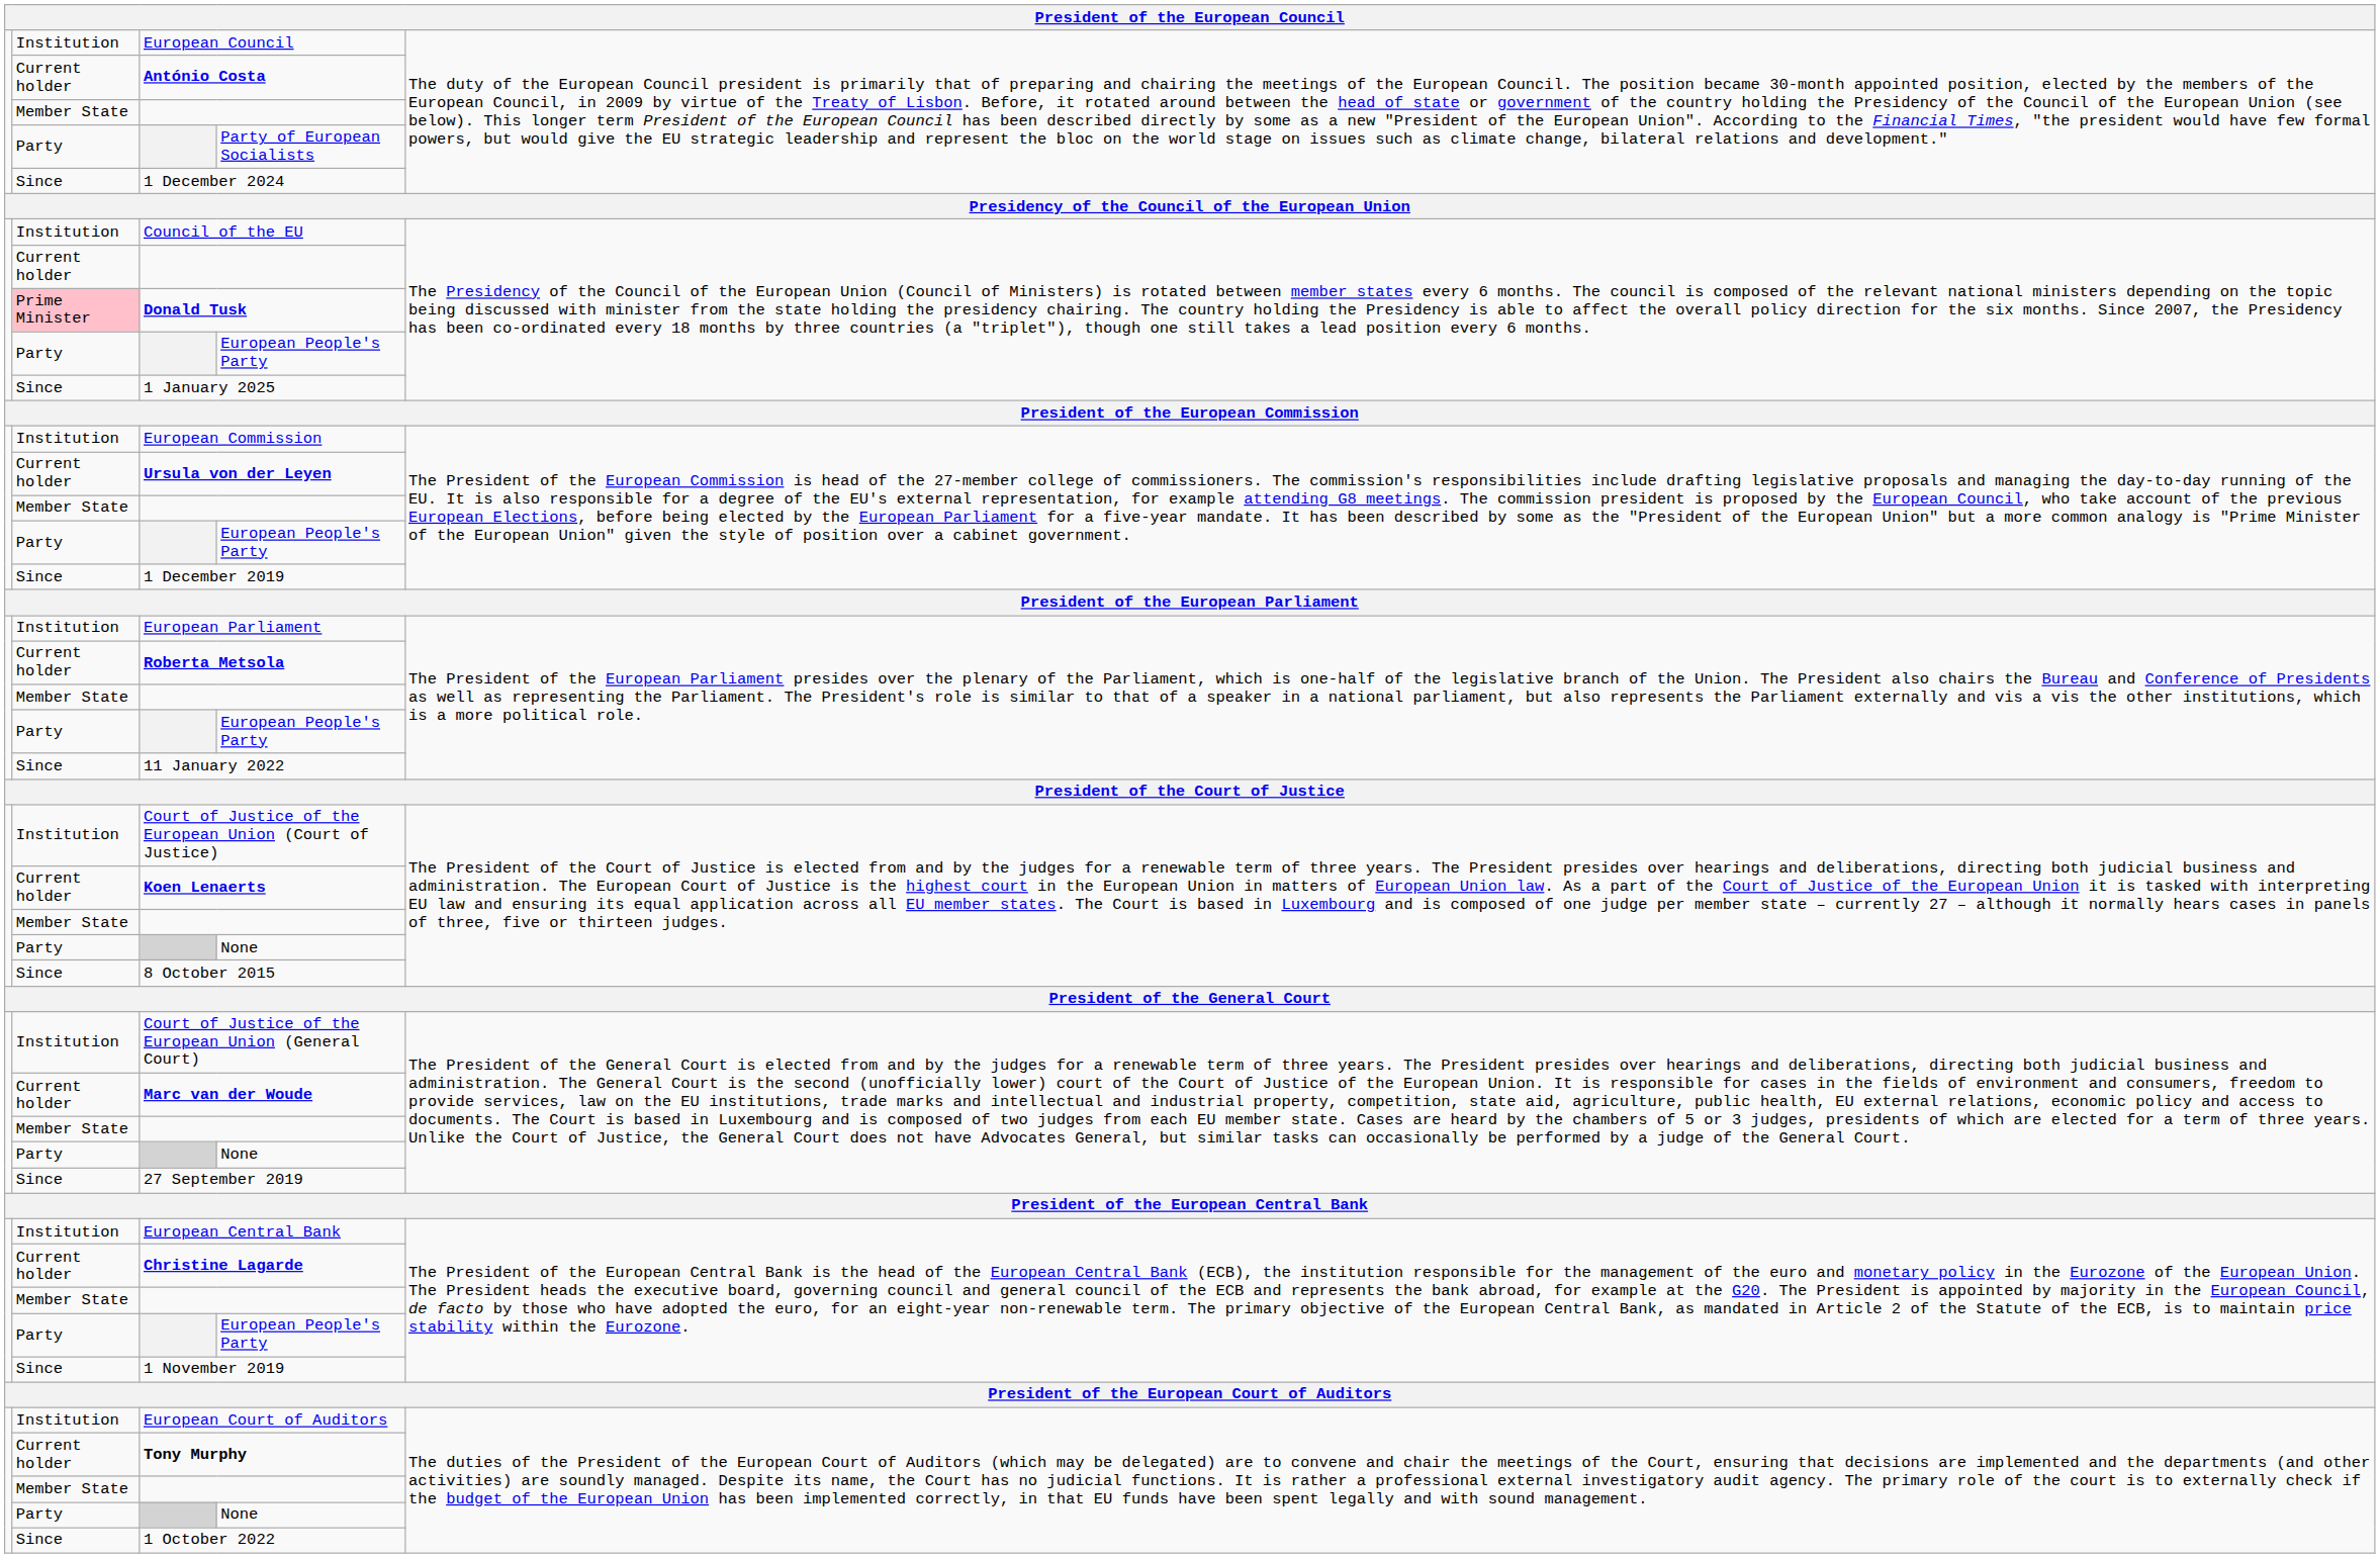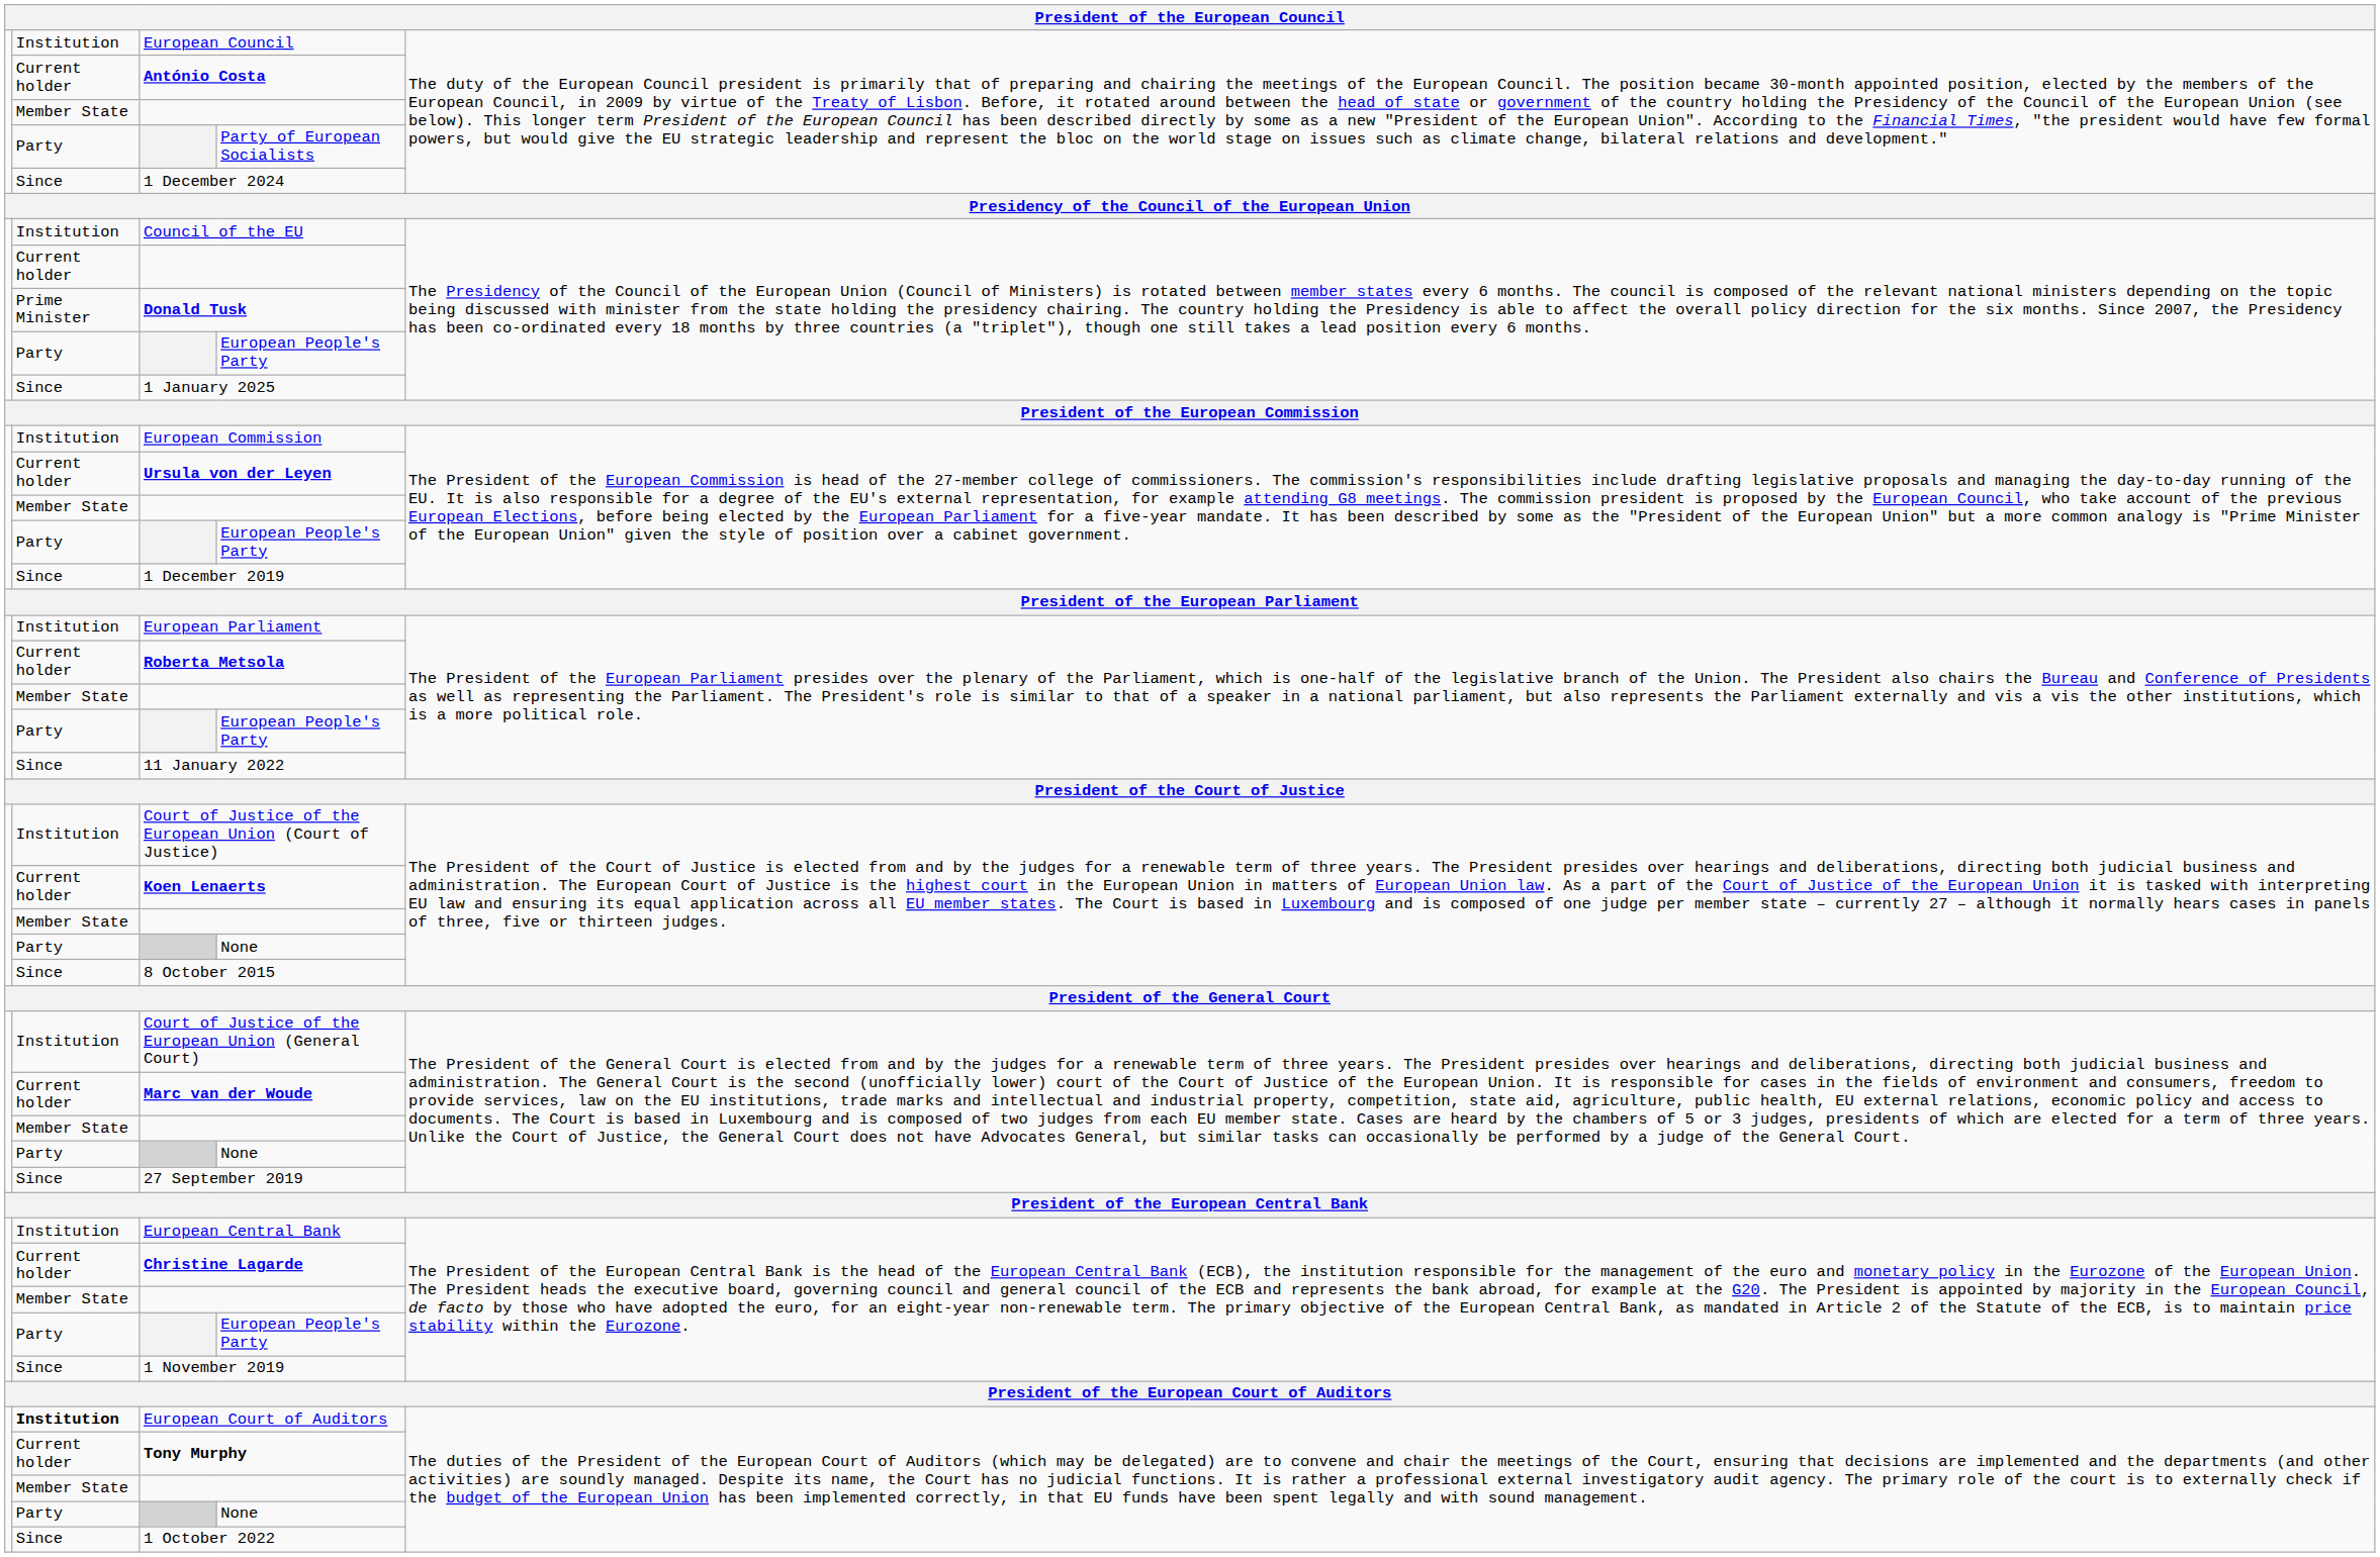 <table class="wikitable">
 <tr>
 <th colspan=5><a href='#'>President of the European Council</a></th>
 </tr>
 <tr>
 <td rowspan=5></td>
 <td style="width:100px;">Institution</td>
 <td colspan=2><a href='#'>European Council</a></td>
 <td rowspan=5>The duty of the European Council president is primarily that of preparing and chairing the meetings of the European Council. The position became 30-month appointed position, elected by the members of the European Council, in 2009 by virtue of the <a href='#'>Treaty of Lisbon</a>. Before, it rotated around between the <a href='#'>head of state</a> or <a href='#'>government</a> of the country holding the Presidency of the Council of the European Union (see below). This longer term <em>President of the European Council</em> has been described directly by some as a new "President of the European Union". According to the <em><a href='#'>Financial Times</a></em>, "the president would have few formal powers, but would give the EU strategic leadership and represent the bloc on the world stage on issues such as climate change, bilateral relations and development."</td>
 </tr>
 <tr>
 <td>Current holder</td>
 <td colspan=2><strong><a href='#'>António Costa</a></strong></td>
 </tr>
 <tr>
 <td>Member State</td>
 <td colspan="2"></td>
 </tr>
 <tr>
 <td>Party</td>
 <th style="background-color: "></th>
 <td style="width:150px;"><a href='#'>Party of European Socialists</a></td>
 </tr>
 <tr>
 <td>Since</td>
 <td colspan=2>1 December 2024</td>
 </tr>
 <tr>
 <th colspan=5><a href='#'>Presidency of the Council of the European Union</a></th>
 </tr>
 <tr>
 <td rowspan=5></td>
 <td style="width:100px;">Institution</td>
 <td colspan=2><a href='#'>Council of the EU</a></td>
 <td rowspan=5>The <a href='#'>Presidency</a> of the Council of the European Union (Council of Ministers) is rotated between <a href='#'>member states</a> every 6 months. The council is composed of the relevant national ministers depending on the topic being discussed with minister from the state holding the presidency chairing. The country holding the Presidency is able to affect the overall policy direction for the six months. Since 2007, the Presidency has been co-ordinated every 18 months by three countries (a "triplet"), though one still takes a lead position every 6 months.</td>
 </tr>
 <tr>
 <td>Current holder</td>
 <td colspan=2><strong></strong></td>
 </tr>
 <tr>
-<td style="background: pink;">Prime Minister</td>
+<td>Prime Minister</td>
 <td colspan=2><strong><a href='#'>Donald Tusk</a></strong></td>
 </tr>
 <tr>
 <td>Party</td>
 <th style="background-color: "></th>
 <td style="width:150px;"><a href='#'>European People's Party</a></td>
 </tr>
 <tr>
 <td>Since</td>
 <td colspan=2>1 January 2025</td>
 </tr>
 <tr>
 <th colspan=5><a href='#'>President of the European Commission</a></th>
 </tr>
 <tr>
 <td rowspan=5></td>
 <td style="width:100px;">Institution</td>
 <td colspan=2><a href='#'>European Commission</a></td>
 <td rowspan=5>The President of the <a href='#'>European Commission</a> is head of the 27-member college of commissioners. The commission's responsibilities include drafting legislative proposals and managing the day-to-day running of the EU. It is also responsible for a degree of the EU's external representation, for example <a href='#'>attending G8 meetings</a>. The commission president is proposed by the <a href='#'>European Council</a>, who take account of the previous <a href='#'>European Elections</a>, before being elected by the <a href='#'>European Parliament</a> for a five-year mandate. It has been described by some as the "President of the European Union" but a more common analogy is "Prime Minister of the European Union" given the style of position over a cabinet government.</td>
 </tr>
 <tr>
 <td>Current holder</td>
 <td colspan=2><strong><a href='#'>Ursula von der Leyen</a></strong></td>
 </tr>
 <tr>
 <td>Member State</td>
 <td colspan=2></td>
 </tr>
 <tr>
 <td>Party</td>
 <th style="background-color: "></th>
 <td style="width:150px;"><a href='#'>European People's Party</a></td>
 </tr>
 <tr>
 <td>Since</td>
 <td colspan=2>1 December 2019</td>
 </tr>
 <tr>
 <th colspan=5><a href='#'>President of the European Parliament</a></th>
 </tr>
 <tr>
 <td rowspan=5></td>
 <td style="width:100px;">Institution</td>
 <td colspan=2><a href='#'>European Parliament</a></td>
 <td rowspan=5>The President of the <a href='#'>European Parliament</a> presides over the plenary of the Parliament, which is one-half of the legislative branch of the Union. The President also chairs the <a href='#'>Bureau</a> and <a href='#'>Conference of Presidents</a> as well as representing the Parliament. The President's role is similar to that of a speaker in a national parliament, but also represents the Parliament externally and vis a vis the other institutions, which is a more political role.</td>
 </tr>
 <tr>
 <td>Current holder</td>
 <td colspan=2><strong><a href='#'>Roberta Metsola</a></strong></td>
 </tr>
 <tr>
 <td>Member State</td>
 <td colspan=2></td>
 </tr>
 <tr>
 <td>Party</td>
 <th style="background-color: "></th>
 <td style="width:150px;"><a href='#'>European People's Party</a></td>
 </tr>
 <tr>
 <td>Since</td>
 <td colspan=2>11 January 2022</td>
 </tr>
 <tr>
 <th colspan=5><a href='#'>President of the Court of Justice</a></th>
 </tr>
 <tr>
 <td rowspan=5></td>
 <td style="width:100px;">Institution</td>
 <td colspan=2><a href='#'>Court of Justice of the European Union</a> (Court of Justice)</td>
 <td rowspan=5>The President of the Court of Justice is elected from and by the judges for a renewable term of three years. The President presides over hearings and deliberations, directing both judicial business and administration. The European Court of Justice is the <a href='#'>highest court</a> in the European Union in matters of <a href='#'>European Union law</a>. As a part of the <a href='#'>Court of Justice of the European Union</a> it is tasked with interpreting EU law and ensuring its equal application across all <a href='#'>EU member states</a>. The Court is based in <a href='#'>Luxembourg</a> and is composed of one judge per member state – currently 27 – although it normally hears cases in panels of three, five or thirteen judges.</td>
 </tr>
 <tr>
 <td>Current holder</td>
 <td colspan=2><strong><a href='#'>Koen Lenaerts</a></strong></td>
 </tr>
 <tr>
 <td>Member State</td>
 <td colspan=2></td>
 </tr>
 <tr>
 <td>Party</td>
 <th style="background:lightgrey;"></th>
 <td style="width:150px;">None</td>
 </tr>
 <tr>
 <td>Since</td>
 <td colspan=2>8 October 2015</td>
 </tr>
 <tr>
 <th colspan="5"><a href='#'>President of the General Court</a></th>
 </tr>
 <tr>
 <td rowspan="5"></td>
 <td>Institution</td>
 <td colspan="2"><a href='#'>Court of Justice of the European Union</a> (General Court)</td>
 <td rowspan="5">The President of the General Court is elected from and by the judges for a renewable term of three years. The President presides over hearings and deliberations, directing both judicial business and administration. The General Court is the second (unofficially lower) court of the Court of Justice of the European Union. It is responsible for cases in the fields of environment and consumers, freedom to provide services, law on the EU institutions, trade marks and intellectual and industrial property, competition, state aid, agriculture, public health, EU external relations, economic policy and access to documents. The Court is based in Luxembourg and is composed of two judges from each EU member state. Cases are heard by the chambers of 5 or 3 judges, presidents of which are elected for a term of three years. Unlike the Court of Justice, the General Court does not have Advocates General, but similar tasks can occasionally be performed by a judge of the General Court.</td>
 </tr>
 <tr>
 <td>Current holder</td>
 <td colspan="2"><strong><a href='#'>Marc van der Woude</a></strong></td>
 </tr>
 <tr>
 <td>Member State</td>
 <td colspan="2"></td>
 </tr>
 <tr>
 <td>Party</td>
 <th style="background:lightgrey;"></th>
 <td>None</td>
 </tr>
 <tr>
 <td>Since</td>
 <td colspan="2">27 September 2019</td>
 </tr>
 <tr>
 <th colspan=5><a href='#'>President of the European Central Bank</a></th>
 </tr>
 <tr>
 <td rowspan=5></td>
 <td style="width:100px;">Institution</td>
 <td colspan=2><a href='#'>European Central Bank</a></td>
 <td rowspan=5>The President of the European Central Bank is the head of the <a href='#'>European Central Bank</a> (ECB), the institution responsible for the management of the euro and <a href='#'>monetary policy</a> in the <a href='#'>Eurozone</a> of the <a href='#'>European Union</a>. The President heads the executive board, governing council and general council of the ECB and represents the bank abroad, for example at the <a href='#'>G20</a>. The President is appointed by majority in the <a href='#'>European Council</a>, <em>de facto</em> by those who have adopted the euro, for an eight-year non-renewable term. The primary objective of the European Central Bank, as mandated in Article 2 of the Statute of the ECB, is to maintain <a href='#'>price stability</a> within the <a href='#'>Eurozone</a>.</td>
 </tr>
 <tr>
 <td>Current holder</td>
 <td colspan=2><strong><a href='#'>Christine Lagarde</a></strong></td>
 </tr>
 <tr>
 <td>Member State</td>
 <td colspan=2></td>
 </tr>
 <tr>
 <td>Party</td>
 <th style="background-color: "></th>
 <td style="width:150px;"><a href='#'>European People's Party</a></td>
 </tr>
 <tr>
 <td>Since</td>
 <td colspan=2>1 November 2019</td>
 </tr>
 <tr>
 <th colspan=5><a href='#'>President of the European Court of Auditors</a></th>
 </tr>
 <tr>
 <td rowspan=5></td>
-<td style="width:100px;">Institution</td>
+<td style="width:100px;"><strong>Institution</strong></td>
 <td colspan=2><a href='#'>European Court of Auditors</a></td>
 <td rowspan=5>The duties of the President of the European Court of Auditors (which may be delegated) are to convene and chair the meetings of the Court, ensuring that decisions are implemented and the departments (and other activities) are soundly managed. Despite its name, the Court has no judicial functions. It is rather a professional external investigatory audit agency. The primary role of the court is to externally check if the <a href='#'>budget of the European Union</a> has been implemented correctly, in that EU funds have been spent legally and with sound management.</td>
 </tr>
 <tr>
 <td>Current holder</td>
 <td colspan=2><strong>Tony Murphy</strong></td>
 </tr>
 <tr>
 <td>Member State</td>
 <td colspan=2></td>
 </tr>
 <tr>
 <td>Party</td>
 <th style="background:lightgrey;"></th>
 <td style="width:150px;">None</td>
 </tr>
 <tr>
 <td>Since</td>
 <td colspan=2>1 October 2022</td>
 </tr>
 </table>
